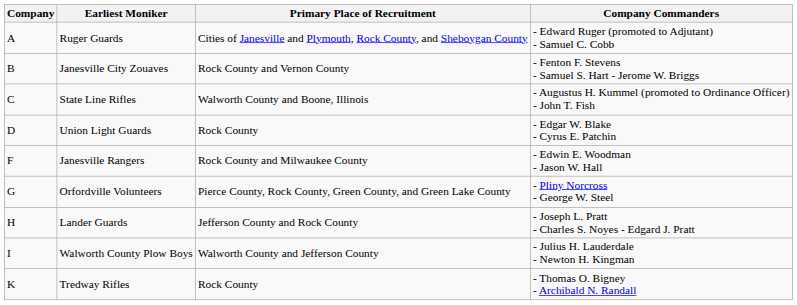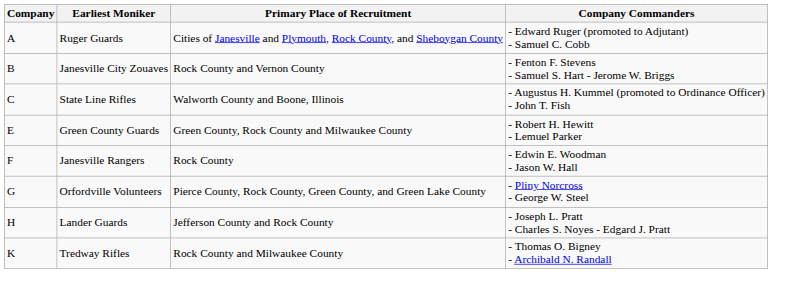 <table class="wikitable">
 <tr>
 <th>Company</th>
 <th>Earliest Moniker</th>
 <th>Primary Place of Recruitment</th>
 <th>Company Commanders</th>
 </tr>
 <tr>
 <td>A</td>
 <td>Ruger Guards</td>
 <td>Cities of <a href='#'>Janesville</a> and <a href='#'>Plymouth</a>, <a href='#'>Rock County</a>, and <a href='#'>Sheboygan County</a></td>
 <td>- Edward Ruger (promoted to Adjutant)<br>- Samuel C. Cobb</td>
 </tr>
 <tr>
 <td>B</td>
 <td>Janesville City Zouaves</td>
 <td>Rock County and Vernon County</td>
 <td>- Fenton F. Stevens<br>- Samuel S. Hart - Jerome W. Briggs</td>
 </tr>
 <tr>
 <td>C</td>
 <td>State Line Rifles</td>
 <td>Walworth County and Boone, Illinois</td>
 <td>- Augustus H. Kummel (promoted to Ordinance Officer)<br>- John T. Fish</td>
 </tr>
 <tr>
-<td>D</td>
-<td>Union Light Guards</td>
-<td>Rock County</td>
-<td>- Edgar W. Blake<br>- Cyrus E. Patchin</td>
+<td>E</td>
+<td>Green County Guards</td>
+<td>Green County, Rock County and Milwaukee County</td>
+<td>- Robert H. Hewitt<br>- Lemuel Parker</td>
 </tr>
 <tr>
 <td>F</td>
 <td>Janesville Rangers</td>
-<td>Rock County and Milwaukee County</td>
+<td>Rock County</td>
 <td>- Edwin E. Woodman<br>- Jason W. Hall</td>
 </tr>
 <tr>
 <td>G</td>
 <td>Orfordville Volunteers</td>
 <td>Pierce County, Rock County, Green County, and Green Lake County</td>
 <td>- <a href='#'>Pliny Norcross</a><br>- George W. Steel</td>
 </tr>
 <tr>
 <td>H</td>
 <td>Lander Guards</td>
 <td>Jefferson County and Rock County</td>
 <td>- Joseph L. Pratt<br>- Charles S. Noyes - Edgard J. Pratt</td>
 </tr>
 <tr>
-<td>I</td>
-<td>Walworth County Plow Boys</td>
-<td>Walworth County and Jefferson County</td>
-<td>- Julius H. Lauderdale<br>- Newton H. Kingman</td>
-</tr>
-<tr>
 <td>K</td>
 <td>Tredway Rifles</td>
-<td>Rock County</td>
+<td>Rock County and Milwaukee County</td>
 <td>- Thomas O. Bigney<br>- <a href='#'>Archibald N. Randall</a></td>
 </tr>
 </table>
